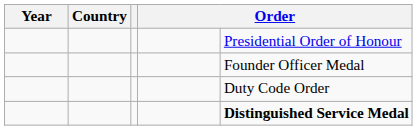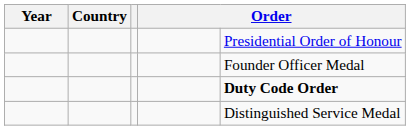 <table class="wikitable" style="text-align:left;">
 <tr ->
 <th width="60px">Year</th>
 <th>Country</th>
 <th></th>
 <th colspan=2><a href='#'>Order</a></th>
 </tr>
 <tr>
 <td align="center"></td>
 <td></td>
 <td></td>
 <td width="80px"></td>
 <td><a href='#'>Presidential Order of Honour</a></td>
 </tr>
 <tr>
 <td align="center"></td>
 <td></td>
 <td></td>
 <td width="80px"></td>
 <td>Founder Officer Medal</td>
 </tr>
 <tr>
 <td align="center"></td>
 <td></td>
 <td></td>
 <td width="80px"></td>
-<td>Duty Code Order</td>
+<td><strong>Duty Code Order</strong></td>
 </tr>
 <tr>
 <td align="center"></td>
 <td></td>
 <td></td>
 <td width="80px"></td>
-<td><strong>Distinguished Service Medal</strong></td>
+<td>Distinguished Service Medal</td>
 </tr>
 </table>
